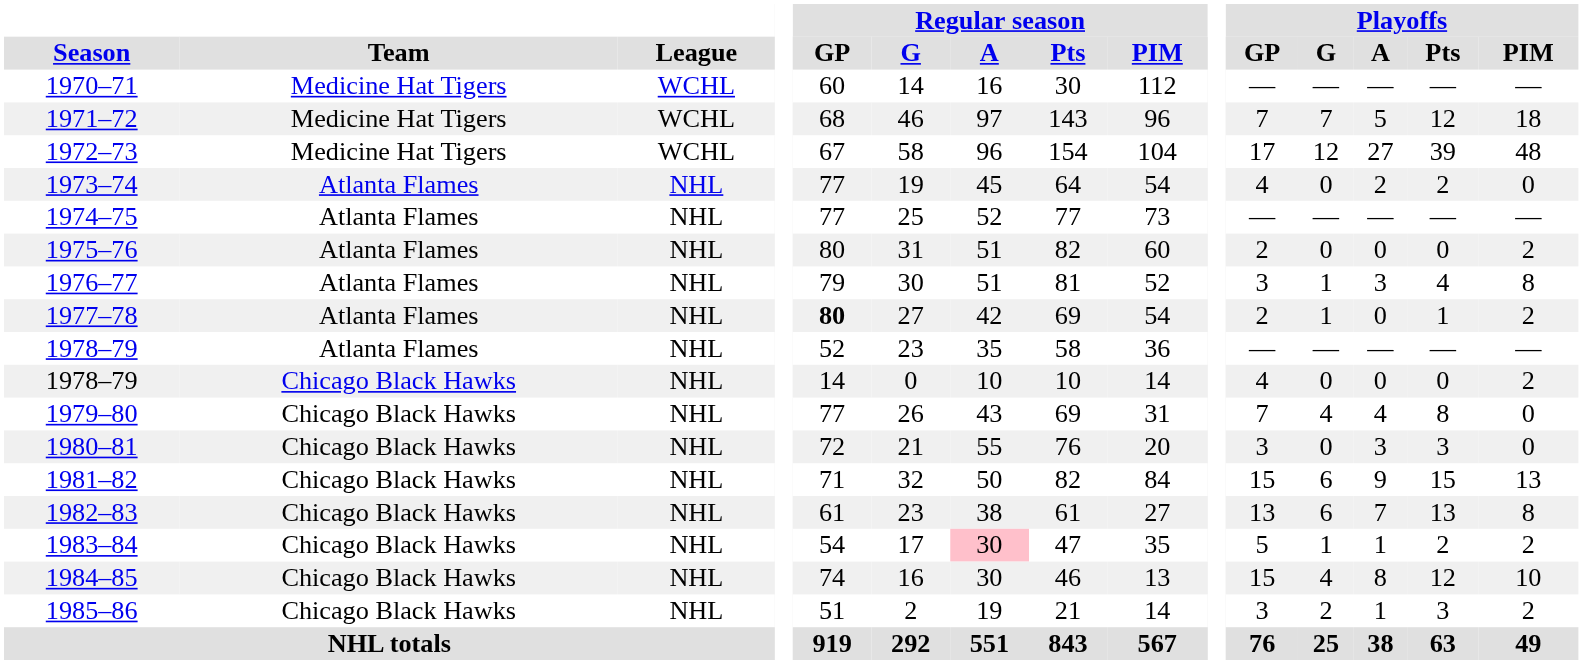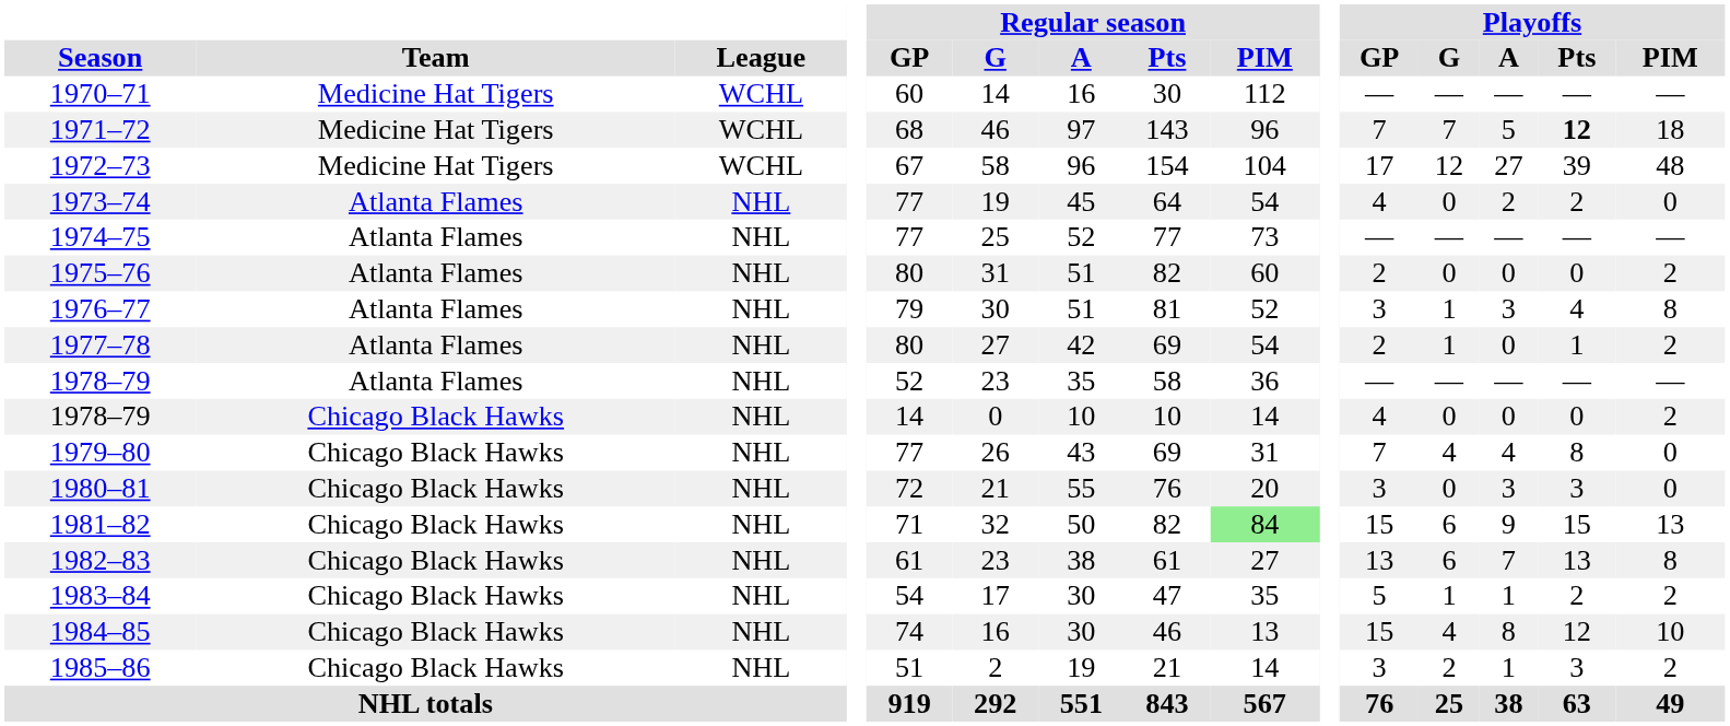 <table border="0" cellpadding="1" cellspacing="0" style="text-align:center; width:60em">
 <tr bgcolor="#e0e0e0">
 <th colspan="3" bgcolor="#ffffff"> </th>
 <th rowspan="99" bgcolor="#ffffff"> </th>
 <th colspan="5"><a href='#'>Regular season</a></th>
 <th rowspan="99" bgcolor="#ffffff"> </th>
 <th colspan="5"><a href='#'>Playoffs</a></th>
 </tr>
 <tr bgcolor="#e0e0e0">
 <th><a href='#'>Season</a></th>
 <th>Team</th>
 <th>League</th>
 <th>GP</th>
 <th><a href='#'>G</a></th>
 <th><a href='#'>A</a></th>
 <th><a href='#'>Pts</a></th>
 <th><a href='#'>PIM</a></th>
 <th>GP</th>
 <th>G</th>
 <th>A</th>
 <th>Pts</th>
 <th>PIM</th>
 </tr>
 <tr>
 <td><a href='#'>1970–71</a></td>
 <td><a href='#'>Medicine Hat Tigers</a></td>
 <td><a href='#'>WCHL</a></td>
 <td>60</td>
 <td>14</td>
 <td>16</td>
 <td>30</td>
 <td>112</td>
 <td>—</td>
 <td>—</td>
 <td>—</td>
 <td>—</td>
 <td>—</td>
 </tr>
 <tr bgcolor="#f0f0f0">
 <td><a href='#'>1971–72</a></td>
 <td>Medicine Hat Tigers</td>
 <td>WCHL</td>
 <td>68</td>
 <td>46</td>
 <td>97</td>
 <td>143</td>
 <td>96</td>
 <td>7</td>
 <td>7</td>
 <td>5</td>
-<td>12</td>
+<td><strong>12</strong></td>
 <td>18</td>
 </tr>
 <tr>
 <td><a href='#'>1972–73</a></td>
 <td>Medicine Hat Tigers</td>
 <td>WCHL</td>
 <td>67</td>
 <td>58</td>
 <td>96</td>
 <td>154</td>
 <td>104</td>
 <td>17</td>
 <td>12</td>
 <td>27</td>
 <td>39</td>
 <td>48</td>
 </tr>
 <tr bgcolor="#f0f0f0">
 <td><a href='#'>1973–74</a></td>
 <td><a href='#'>Atlanta Flames</a></td>
 <td><a href='#'>NHL</a></td>
 <td>77</td>
 <td>19</td>
 <td>45</td>
 <td>64</td>
 <td>54</td>
 <td>4</td>
 <td>0</td>
 <td>2</td>
 <td>2</td>
 <td>0</td>
 </tr>
 <tr>
 <td><a href='#'>1974–75</a></td>
 <td>Atlanta Flames</td>
 <td>NHL</td>
 <td>77</td>
 <td>25</td>
 <td>52</td>
 <td>77</td>
 <td>73</td>
 <td>—</td>
 <td>—</td>
 <td>—</td>
 <td>—</td>
 <td>—</td>
 </tr>
 <tr bgcolor="#f0f0f0">
 <td><a href='#'>1975–76</a></td>
 <td>Atlanta Flames</td>
 <td>NHL</td>
 <td>80</td>
 <td>31</td>
 <td>51</td>
 <td>82</td>
 <td>60</td>
 <td>2</td>
 <td>0</td>
 <td>0</td>
 <td>0</td>
 <td>2</td>
 </tr>
 <tr>
 <td><a href='#'>1976–77</a></td>
 <td>Atlanta Flames</td>
 <td>NHL</td>
 <td>79</td>
 <td>30</td>
 <td>51</td>
 <td>81</td>
 <td>52</td>
 <td>3</td>
 <td>1</td>
 <td>3</td>
 <td>4</td>
 <td>8</td>
 </tr>
 <tr bgcolor="#f0f0f0">
 <td><a href='#'>1977–78</a></td>
 <td>Atlanta Flames</td>
 <td>NHL</td>
-<td><strong>80</strong></td>
+<td>80</td>
 <td>27</td>
 <td>42</td>
 <td>69</td>
 <td>54</td>
 <td>2</td>
 <td>1</td>
 <td>0</td>
 <td>1</td>
 <td>2</td>
 </tr>
 <tr>
 <td><a href='#'>1978–79</a></td>
 <td>Atlanta Flames</td>
 <td>NHL</td>
 <td>52</td>
 <td>23</td>
 <td>35</td>
 <td>58</td>
 <td>36</td>
 <td>—</td>
 <td>—</td>
 <td>—</td>
 <td>—</td>
 <td>—</td>
 </tr>
 <tr bgcolor="#f0f0f0">
 <td>1978–79</td>
 <td><a href='#'>Chicago Black Hawks</a></td>
 <td>NHL</td>
 <td>14</td>
 <td>0</td>
 <td>10</td>
 <td>10</td>
 <td>14</td>
 <td>4</td>
 <td>0</td>
 <td>0</td>
 <td>0</td>
 <td>2</td>
 </tr>
 <tr>
 <td><a href='#'>1979–80</a></td>
 <td>Chicago Black Hawks</td>
 <td>NHL</td>
 <td>77</td>
 <td>26</td>
 <td>43</td>
 <td>69</td>
 <td>31</td>
 <td>7</td>
 <td>4</td>
 <td>4</td>
 <td>8</td>
 <td>0</td>
 </tr>
 <tr bgcolor="#f0f0f0">
 <td><a href='#'>1980–81</a></td>
 <td>Chicago Black Hawks</td>
 <td>NHL</td>
 <td>72</td>
 <td>21</td>
 <td>55</td>
 <td>76</td>
 <td>20</td>
 <td>3</td>
 <td>0</td>
 <td>3</td>
 <td>3</td>
 <td>0</td>
 </tr>
 <tr>
 <td><a href='#'>1981–82</a></td>
 <td>Chicago Black Hawks</td>
 <td>NHL</td>
 <td>71</td>
 <td>32</td>
 <td>50</td>
 <td>82</td>
-<td>84</td>
+<td style="background: lightgreen;">84</td>
 <td>15</td>
 <td>6</td>
 <td>9</td>
 <td>15</td>
 <td>13</td>
 </tr>
 <tr bgcolor="#f0f0f0">
 <td><a href='#'>1982–83</a></td>
 <td>Chicago Black Hawks</td>
 <td>NHL</td>
 <td>61</td>
 <td>23</td>
 <td>38</td>
 <td>61</td>
 <td>27</td>
 <td>13</td>
 <td>6</td>
 <td>7</td>
 <td>13</td>
 <td>8</td>
 </tr>
 <tr>
 <td><a href='#'>1983–84</a></td>
 <td>Chicago Black Hawks</td>
 <td>NHL</td>
 <td>54</td>
 <td>17</td>
-<td style="background: pink;">30</td>
+<td>30</td>
 <td>47</td>
 <td>35</td>
 <td>5</td>
 <td>1</td>
 <td>1</td>
 <td>2</td>
 <td>2</td>
 </tr>
 <tr bgcolor="#f0f0f0">
 <td><a href='#'>1984–85</a></td>
 <td>Chicago Black Hawks</td>
 <td>NHL</td>
 <td>74</td>
 <td>16</td>
 <td>30</td>
 <td>46</td>
 <td>13</td>
 <td>15</td>
 <td>4</td>
 <td>8</td>
 <td>12</td>
 <td>10</td>
 </tr>
 <tr>
 <td><a href='#'>1985–86</a></td>
 <td>Chicago Black Hawks</td>
 <td>NHL</td>
 <td>51</td>
 <td>2</td>
 <td>19</td>
 <td>21</td>
 <td>14</td>
 <td>3</td>
 <td>2</td>
 <td>1</td>
 <td>3</td>
 <td>2</td>
 </tr>
 <tr bgcolor="#e0e0e0">
 <th colspan=3>NHL totals</th>
 <th>919</th>
 <th>292</th>
 <th>551</th>
 <th>843</th>
 <th>567</th>
 <th>76</th>
 <th>25</th>
 <th>38</th>
 <th>63</th>
 <th>49</th>
 </tr>
 </table>
